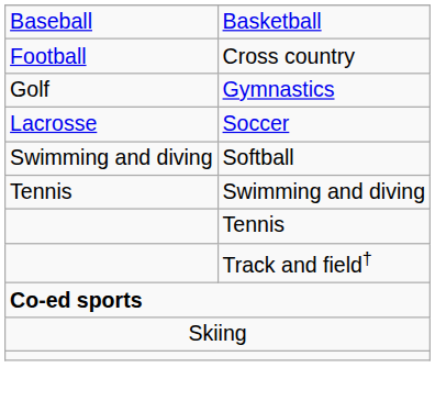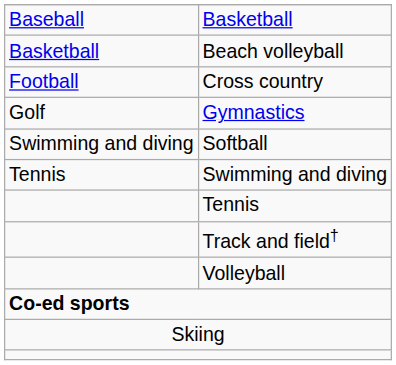 <table class="wikitable" style=" ">
 <tr>
 </tr>
 <tr>
 <td><a href='#'>Baseball</a></td>
 <td><a href='#'>Basketball</a></td>
 </tr>
 <tr>
+<td><a href='#'>Basketball</a></td>
+<td>Beach volleyball</td>
+</tr>
+<tr>
 <td><a href='#'>Football</a></td>
 <td>Cross country</td>
 </tr>
 <tr>
 <td>Golf</td>
 <td><a href='#'>Gymnastics</a></td>
-</tr>
-<tr>
-<td><a href='#'>Lacrosse</a></td>
-<td><a href='#'>Soccer</a></td>
 </tr>
 <tr>
 <td>Swimming and diving</td>
 <td>Softball</td>
 </tr>
 <tr>
 <td>Tennis</td>
 <td>Swimming and diving</td>
 </tr>
 <tr>
 <td></td>
 <td>Tennis</td>
 </tr>
 <tr>
 <td></td>
 <td>Track and field<sup>†</sup></td>
 </tr>
 <tr>
+<td></td>
+<td>Volleyball</td>
+</tr>
+<tr>
 <td colspan="2"><strong>Co-ed sports</strong></td>
 </tr>
 <tr style="text-align:center">
 <td colspan="2">Skiing</td>
 </tr>
 <tr>
 <td colspan="2"></td>
 </tr>
 </table>
